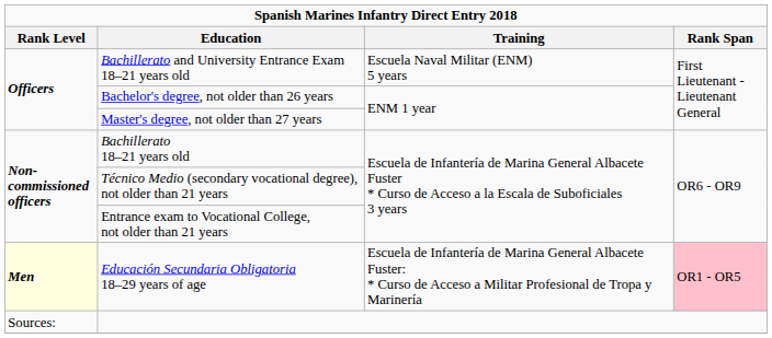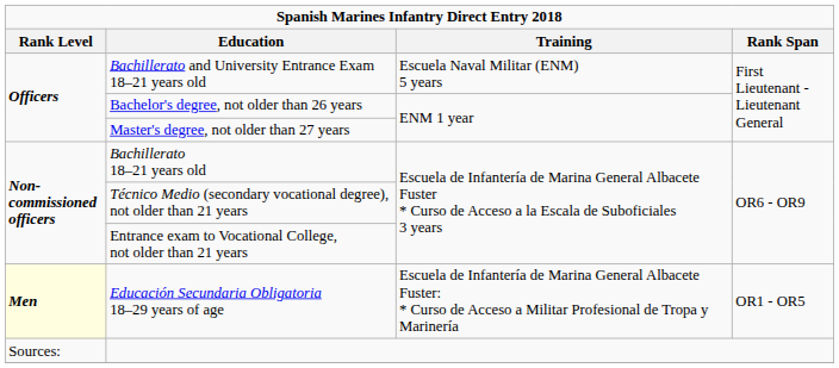 <table class="wikitable">
 <tr>
 <td colspan="7"  align="center"><strong>Spanish Marines Infantry Direct Entry 2018</strong></td>
 </tr>
 <tr>
 <th align="left" width="100">Rank Level</th>
 <th align="left" width="300">Education</th>
 <th align="left" width="350">Training</th>
 <th align="left" width="100">Rank Span</th>
 </tr>
 <tr>
 <td rowspan=3><strong><em>Officers</em></strong></td>
 <td><em><a href='#'>Bachillerato</a></em> and University Entrance Exam <br> 18–21 years old</td>
 <td>Escuela Naval Militar (ENM) <br>5 years</td>
 <td rowspan=3>First Lieutenant - Lieutenant General</td>
 </tr>
 <tr>
 <td><a href='#'>Bachelor's degree</a>, not older than 26 years</td>
 <td rowspan=2>ENM 1 year</td>
 </tr>
 <tr>
 <td><a href='#'>Master's degree</a>, not older than 27 years</td>
 </tr>
 <tr>
 <td rowspan=3><strong><em>Non-commissioned officers</em></strong></td>
 <td><em>Bachillerato</em>  <br> 18–21 years old</td>
 <td rowspan=3>Escuela de Infantería de Marina General Albacete Fuster<br>* Curso de Acceso a la Escala de Suboficiales<br> 3 years</td>
 <td rowspan=3>OR6 - OR9</td>
 </tr>
 <tr>
 <td><em>Técnico Medio</em> (secondary vocational degree), not older than 21 years</td>
 </tr>
 <tr>
 <td>Entrance exam to Vocational College,<br>not older than 21 years</td>
 </tr>
 <tr>
 <td style="background: lightyellow;"><strong><em>Men</em></strong></td>
 <td><a href='#'><em>Educación Secundaria Obligatoria</em></a><br>18–29 years of age</td>
 <td>Escuela de Infantería de Marina General Albacete Fuster:<br>* Curso de Acceso a Militar Profesional de Tropa y Marinería</td>
-<td style="background: pink;">OR1 - OR5</td>
+<td>OR1 - OR5</td>
 </tr>
 <tr>
 <td>Sources:</td>
 <td colspan=3></td>
 </tr>
 <tr>
 </tr>
 </table>
